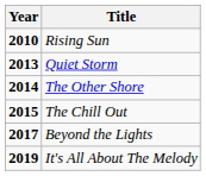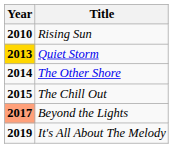 <table class="wikitable">
 <tr>
 <th>Year</th>
 <th>Title</th>
 </tr>
 <tr>
 <td><strong>2010</strong></td>
 <td><em>Rising Sun</em></td>
 </tr>
 <tr>
-<td><strong>2013</strong></td>
+<td style="background: gold;"><strong>2013</strong></td>
 <td><em><a href='#'>Quiet Storm</a></em></td>
 </tr>
 <tr>
 <td><strong>2014</strong></td>
 <td><em><a href='#'>The Other Shore</a></em></td>
 </tr>
 <tr>
 <td><strong>2015</strong></td>
 <td><em>The Chill Out</em></td>
 </tr>
 <tr>
-<td><strong>2017</strong></td>
+<td style="background: lightsalmon;"><strong>2017</strong></td>
 <td><em>Beyond the Lights</em></td>
 </tr>
 <tr>
 <td><strong>2019</strong></td>
 <td><em>It's All About The Melody</em></td>
 </tr>
 </table>
